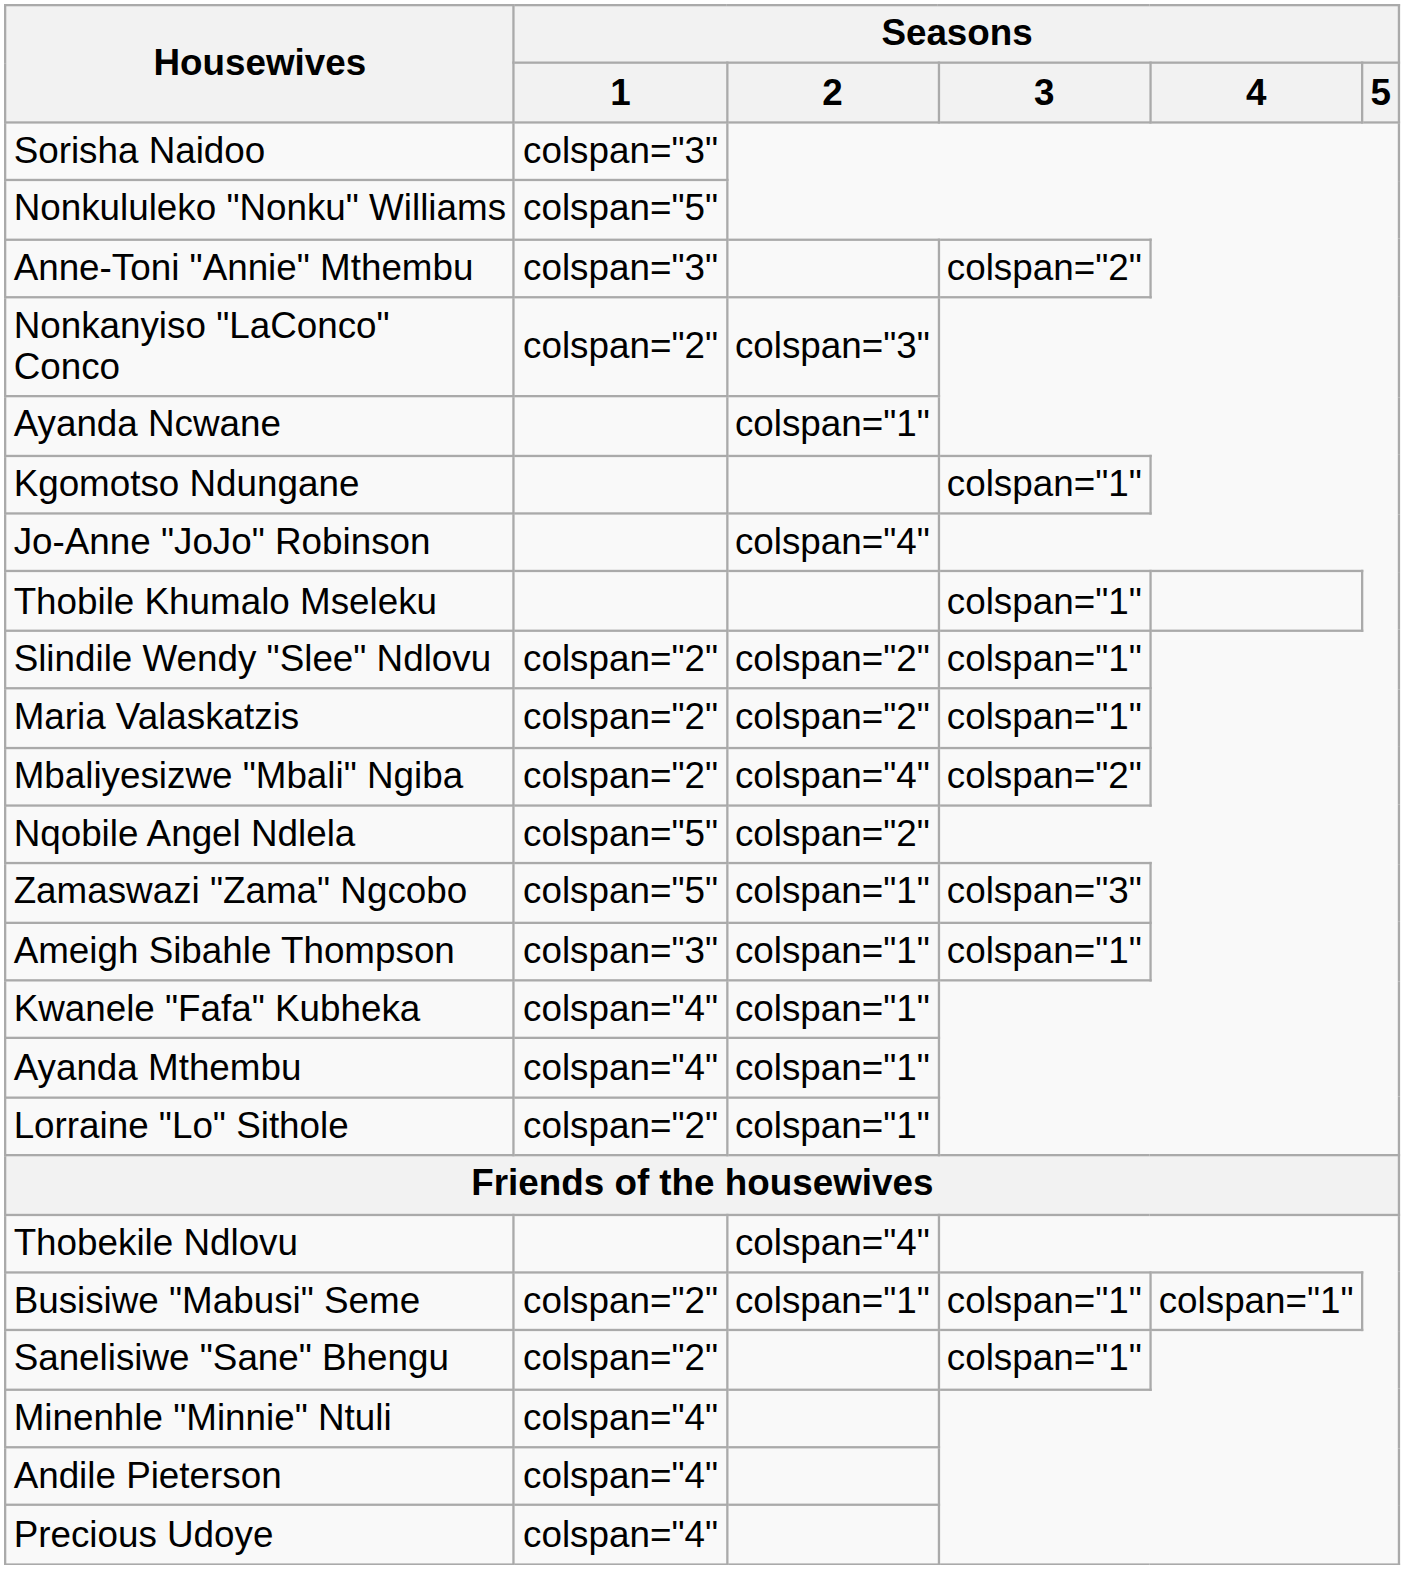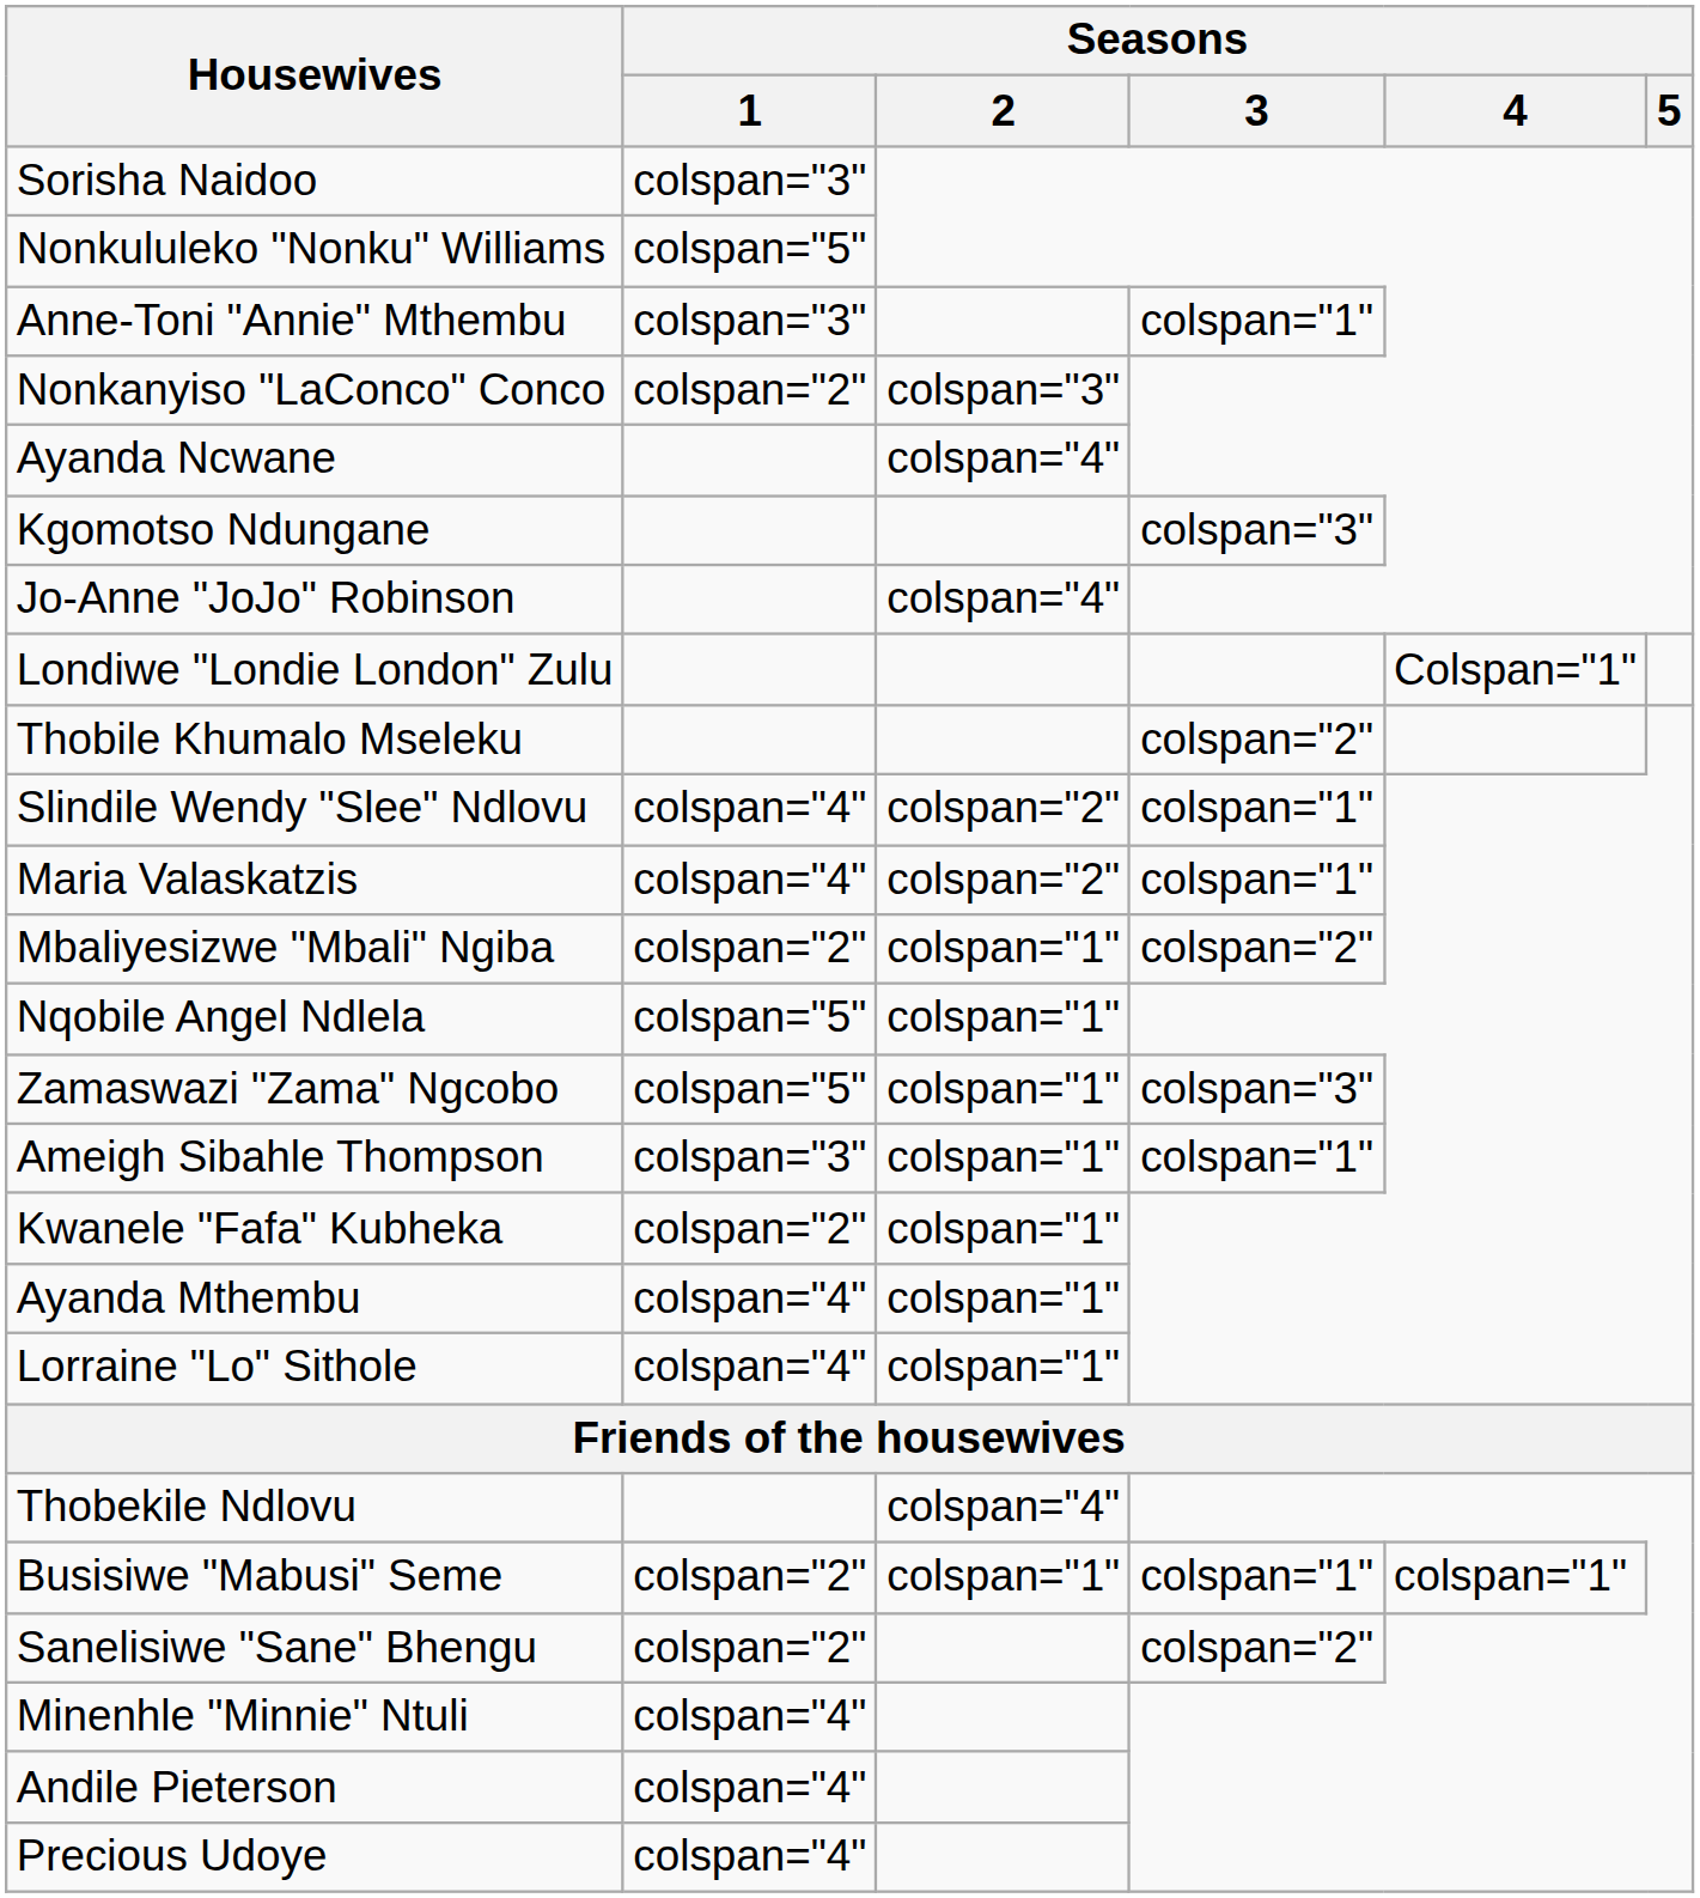 <table class="wikitable plainrowheaders" width="60%">
 <tr>
 <th rowspan="2" style="width:15%">Housewives</th>
 <th colspan="5">Seasons</th>
 </tr>
 <tr>
 <th style="width:15%">1</th>
 <th style="width:15%">2</th>
 <th style="width:15%">3</th>
 <th style="width:15%">4</th>
 <th style="width:15%">5</th>
 </tr>
 <tr>
 <td>Sorisha Naidoo</td>
 <td>colspan="3" </td>
 </tr>
 <tr>
 <td nowrap>Nonkululeko "Nonku" Williams</td>
 <td>colspan="5" </td>
 </tr>
 <tr>
 <td nowrap="">Anne-Toni "Annie" Mthembu</td>
 <td>colspan="3" </td>
 <td></td>
-<td>colspan="2" </td>
+<td>colspan="1" </td>
 </tr>
 <tr>
 <td>Nonkanyiso "LaConco" Conco</td>
 <td>colspan="2" </td>
 <td>colspan="3" </td>
 </tr>
 <tr>
 <td>Ayanda Ncwane</td>
 <td></td>
-<td>colspan="1" </td>
+<td>colspan="4" </td>
 </tr>
 <tr>
 <td>Kgomotso Ndungane</td>
 <td></td>
 <td></td>
-<td>colspan="1" </td>
+<td>colspan="3" </td>
 </tr>
 <tr>
 <td nowrap="">Jo-Anne "JoJo" Robinson</td>
 <td></td>
 <td>colspan="4" </td>
 </tr>
 <tr>
+<td nowrap="">Londiwe "Londie London" Zulu</td>
+<td></td>
+<td></td>
+<td></td>
+<td>Colspan="1" </td>
+<td></td>
+</tr>
+<tr>
 <td nowrap="">Thobile Khumalo Mseleku</td>
 <td></td>
 <td></td>
-<td>colspan="1" </td>
+<td>colspan="2" </td>
 <td></td>
 </tr>
 <tr>
 <td>Slindile Wendy "Slee" Ndlovu</td>
-<td>colspan="2" </td>
+<td>colspan="4" </td>
 <td>colspan="2" </td>
 <td>colspan="1" </td>
 </tr>
 <tr>
 <td>Maria Valaskatzis</td>
-<td>colspan="2" </td>
+<td>colspan="4" </td>
 <td>colspan="2" </td>
 <td>colspan="1" </td>
 </tr>
 <tr>
 <td>Mbaliyesizwe "Mbali" Ngiba</td>
 <td>colspan="2" </td>
-<td>colspan="4" </td>
+<td>colspan="1" </td>
 <td>colspan="2" </td>
 </tr>
 <tr>
 <td>Nqobile Angel Ndlela</td>
 <td>colspan="5" </td>
-<td>colspan="2" </td>
+<td>colspan="1" </td>
 </tr>
 <tr>
 <td>Zamaswazi "Zama" Ngcobo</td>
 <td>colspan="5" </td>
 <td>colspan="1" </td>
 <td>colspan="3" </td>
 </tr>
 <tr>
 <td nowrap="">Ameigh Sibahle Thompson</td>
 <td>colspan="3" </td>
 <td>colspan="1" </td>
 <td>colspan="1" </td>
 </tr>
 <tr>
 <td nowrap="">Kwanele "Fafa" Kubheka</td>
-<td>colspan="4" </td>
+<td>colspan="2" </td>
 <td>colspan="1" </td>
 </tr>
 <tr>
 <td nowrap="">Ayanda Mthembu</td>
 <td>colspan="4" </td>
 <td>colspan="1" </td>
 </tr>
 <tr>
 <td nowrap="">Lorraine "Lo" Sithole</td>
-<td>colspan="2" </td>
+<td>colspan="4" </td>
 <td>colspan="1" </td>
 </tr>
 <tr>
 <th colspan="6">Friends of the housewives</th>
 </tr>
 <tr>
 <td>Thobekile Ndlovu</td>
 <td></td>
 <td>colspan="4" </td>
 </tr>
 <tr>
 <td>Busisiwe "Mabusi" Seme</td>
 <td>colspan="2" </td>
 <td>colspan="1" </td>
 <td>colspan="1" </td>
 <td>colspan="1" </td>
 </tr>
 <tr>
 <td>Sanelisiwe "Sane" Bhengu</td>
 <td>colspan="2" </td>
 <td></td>
-<td>colspan="1" </td>
+<td>colspan="2" </td>
 </tr>
 <tr>
 <td>Minenhle "Minnie" Ntuli</td>
 <td>colspan="4" </td>
 <td></td>
 </tr>
 <tr>
 <td>Andile Pieterson</td>
 <td>colspan="4" </td>
 <td></td>
 </tr>
 <tr>
 <td>Precious Udoye</td>
 <td>colspan="4" </td>
 <td></td>
 </tr>
 </table>
